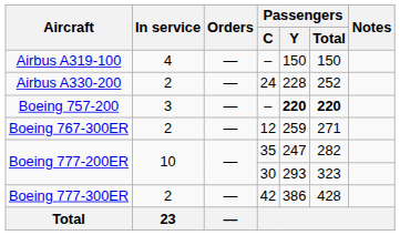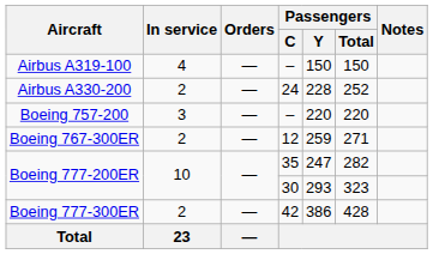 <table class="wikitable" style="border-collapse:collapse;text-align:center;margin:auto;">
 <tr>
 <th rowspan="2">Aircraft</th>
 <th rowspan="2">In service</th>
 <th rowspan="2">Orders</th>
 <th colspan="3">Passengers</th>
 <th rowspan="2">Notes</th>
 </tr>
 <tr>
 <th><abbr>C</abbr></th>
 <th><abbr>Y</abbr></th>
 <th>Total</th>
 </tr>
 <tr>
 <td><a href='#'>Airbus A319-100</a></td>
 <td>4</td>
 <td>—</td>
 <td>–</td>
 <td>150</td>
 <td>150</td>
 <td></td>
 </tr>
 <tr>
 <td><a href='#'>Airbus A330-200</a></td>
 <td>2</td>
 <td>—</td>
 <td>24</td>
 <td>228</td>
 <td>252</td>
 <td></td>
 </tr>
 <tr>
 <td><a href='#'>Boeing 757-200</a></td>
 <td>3</td>
 <td>—</td>
 <td>–</td>
-<td><strong>220</strong></td>
-<td><strong>220</strong></td>
+<td>220</td>
+<td>220</td>
 <td></td>
 </tr>
 <tr>
 <td><a href='#'>Boeing 767-300ER</a></td>
 <td>2</td>
 <td>—</td>
 <td>12</td>
 <td>259</td>
 <td>271</td>
 <td></td>
 </tr>
 <tr>
 <td rowspan="2"><a href='#'>Boeing 777-200ER</a></td>
 <td rowspan="2">10</td>
 <td rowspan="2">—</td>
 <td>35</td>
 <td>247</td>
 <td>282</td>
 <td></td>
 </tr>
 <tr>
 <td>30</td>
 <td>293</td>
 <td>323</td>
 <td></td>
 </tr>
 <tr>
 <td><a href='#'>Boeing 777-300ER</a></td>
 <td>2</td>
 <td>—</td>
 <td>42</td>
 <td>386</td>
 <td>428</td>
 <td></td>
 </tr>
 <tr>
 <th>Total</th>
 <th>23</th>
 <th>—</th>
 <th colspan="4"></th>
 </tr>
 </table>
